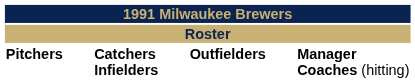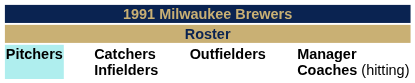 <table class="toccolours" style="font-size: 95%;">
 <tr>
 <th colspan="10" style="background-color: #0a2351;color: #c9b074; text-align: center;">1991 Milwaukee Brewers</th>
 </tr>
 <tr>
 <td colspan="10" style="background-color: #c9b074; color: #0a2351; text-align: center;"><strong>Roster</strong></td>
 </tr>
 <tr>
-<td valign="top"><strong>Pitchers</strong><br>                   </td>
+<td valign="top" style="background: paleturquoise;"><strong>Pitchers</strong><br>                   </td>
 <td width="25px"></td>
 <td valign="top"><strong>Catchers</strong><br>  <strong>Infielders</strong>         </td>
 <td width="25px"></td>
 <td valign="top"><strong>Outfielders</strong><br>       </td>
 <td width="25px"></td>
 <td valign="top"><strong>Manager</strong><br> <strong>Coaches</strong>  (hitting)     </td>
 </tr>
 <tr>
 </tr>
 </table>
